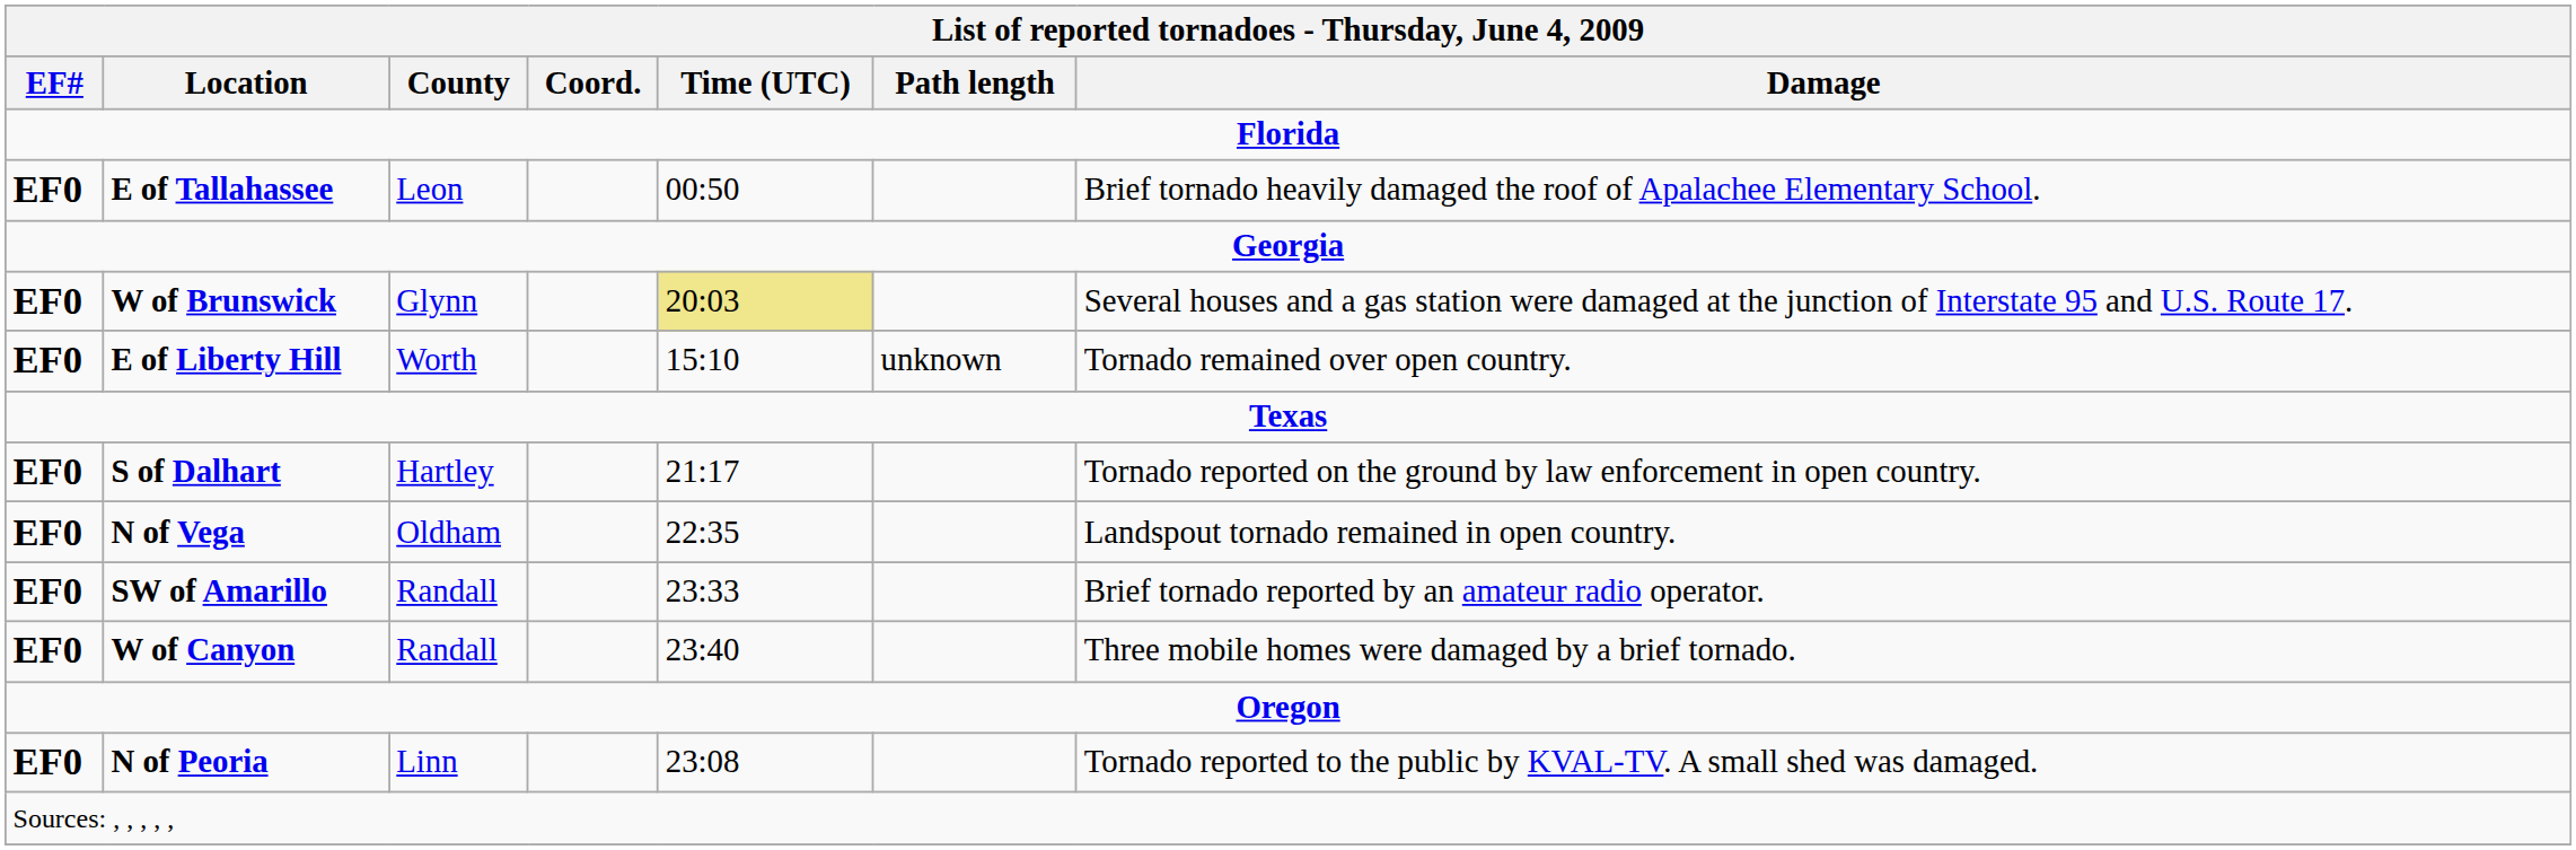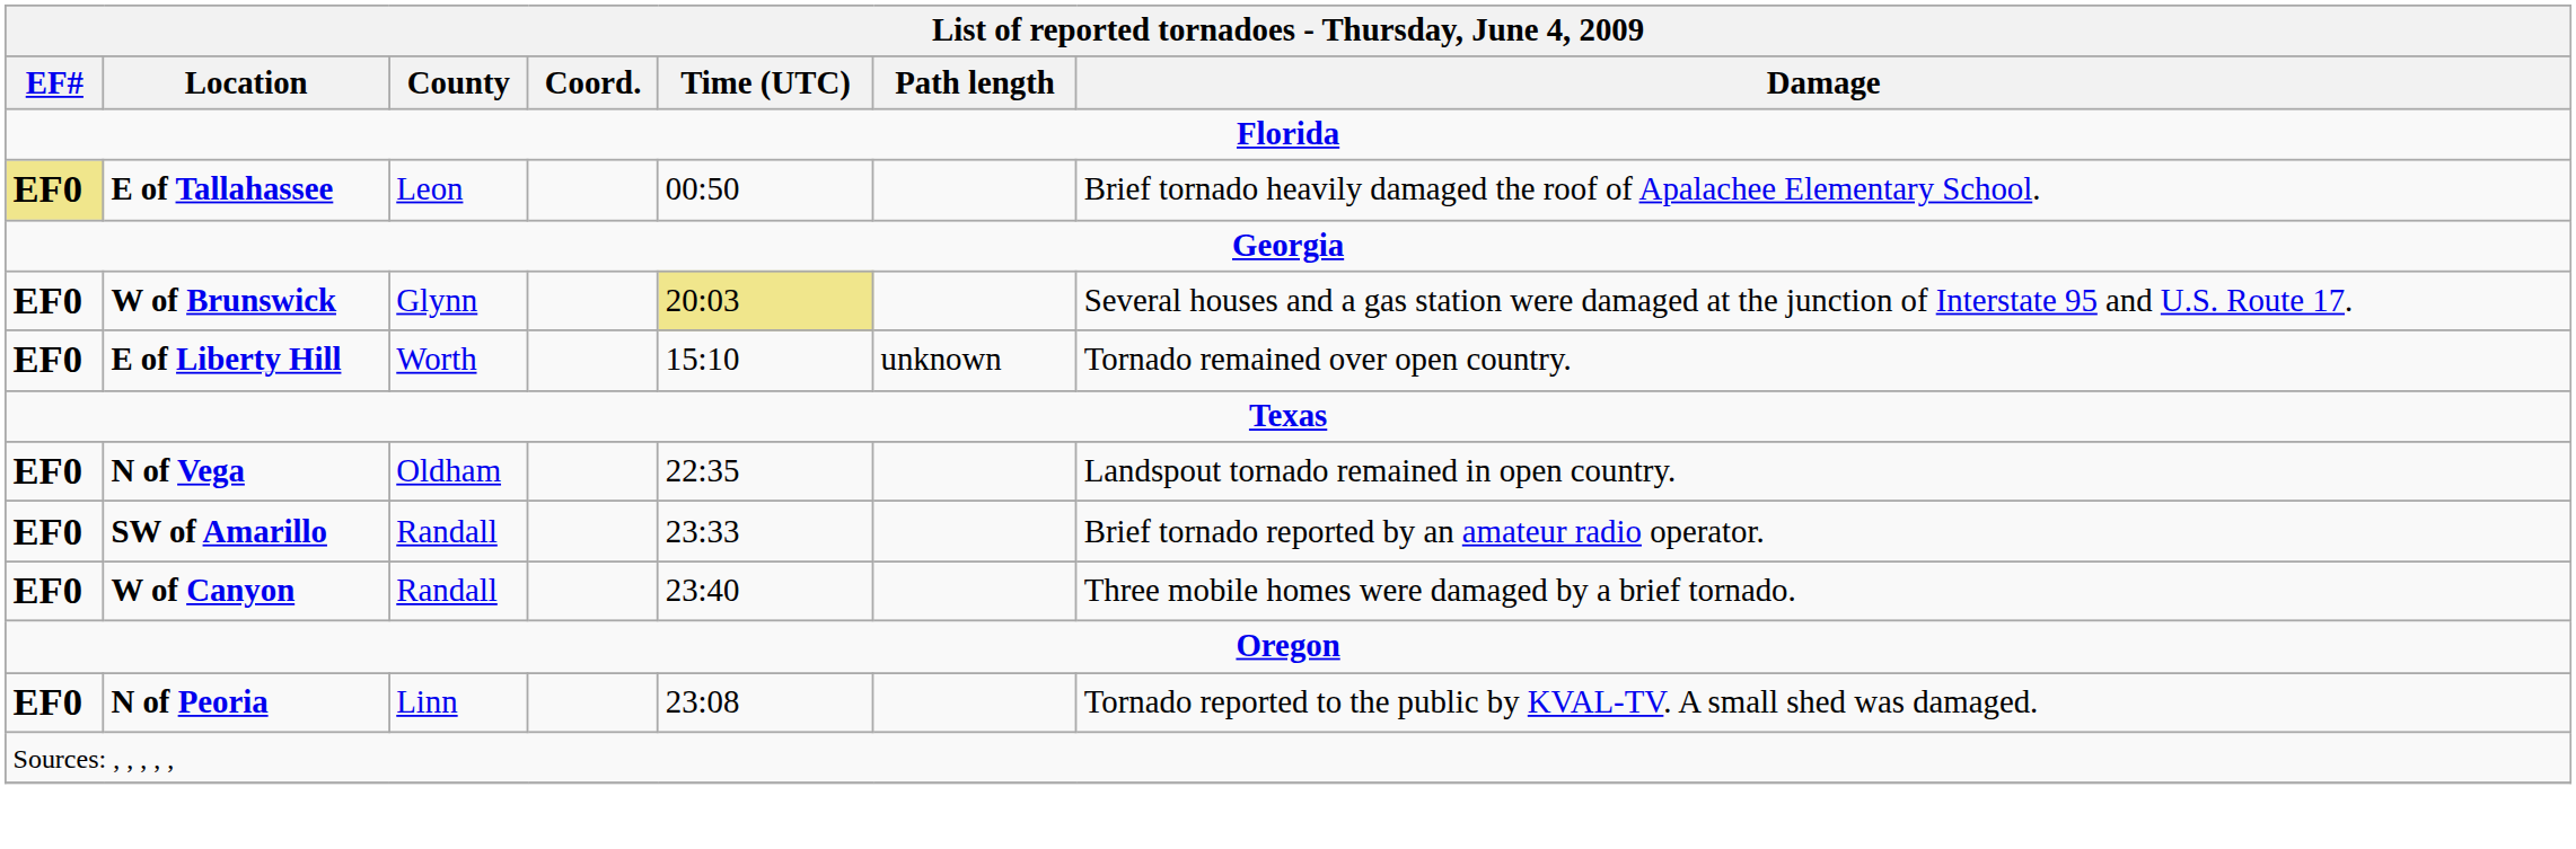 <table class="wikitable collapsible" width="100%">
 <tr>
 <th colspan="7">List of reported tornadoes - Thursday, June 4, 2009</th>
 </tr>
 <tr>
 <th><a href='#'>EF#</a></th>
 <th>Location</th>
 <th>County</th>
 <th>Coord.</th>
 <th>Time (UTC)</th>
 <th>Path length</th>
 <th>Damage</th>
 </tr>
 <tr>
 <td colspan="7" align=center><strong><a href='#'>Florida</a></strong></td>
 </tr>
 <tr>
-<td><big><strong>EF0</strong></big></td>
+<td style="background: khaki;"><big><strong>EF0</strong></big></td>
 <td><strong>E of <a href='#'>Tallahassee</a></strong></td>
 <td><a href='#'>Leon</a></td>
 <td></td>
 <td>00:50</td>
 <td></td>
 <td>Brief tornado heavily damaged the roof of <a href='#'>Apalachee Elementary School</a>.</td>
 </tr>
 <tr>
 <td colspan="7" align=center><strong><a href='#'>Georgia</a></strong></td>
 </tr>
 <tr>
 <td><big><strong>EF0</strong></big></td>
 <td><strong>W of <a href='#'>Brunswick</a></strong></td>
 <td><a href='#'>Glynn</a></td>
 <td></td>
 <td style="background: khaki;">20:03</td>
 <td></td>
 <td>Several houses and a gas station were damaged at the junction of <a href='#'>Interstate 95</a> and <a href='#'>U.S. Route 17</a>.</td>
 </tr>
 <tr>
 <td><big><strong>EF0</strong></big></td>
 <td><strong>E of <a href='#'>Liberty Hill</a></strong></td>
 <td><a href='#'>Worth</a></td>
 <td></td>
 <td>15:10</td>
 <td>unknown</td>
 <td>Tornado remained over open country.</td>
 </tr>
 <tr>
 <td colspan="7" align=center><strong><a href='#'>Texas</a></strong></td>
-</tr>
-<tr>
-<td><big><strong>EF0</strong></big></td>
-<td><strong>S of <a href='#'>Dalhart</a></strong></td>
-<td><a href='#'>Hartley</a></td>
-<td></td>
-<td>21:17</td>
-<td></td>
-<td>Tornado reported on the ground by law enforcement in open country.</td>
 </tr>
 <tr>
 <td><big><strong>EF0</strong></big></td>
 <td><strong>N of <a href='#'>Vega</a></strong></td>
 <td><a href='#'>Oldham</a></td>
 <td></td>
 <td>22:35</td>
 <td></td>
 <td>Landspout tornado remained in open country.</td>
 </tr>
 <tr>
 <td><big><strong>EF0</strong></big></td>
 <td><strong>SW of <a href='#'>Amarillo</a></strong></td>
 <td><a href='#'>Randall</a></td>
 <td></td>
 <td>23:33</td>
 <td></td>
 <td>Brief tornado reported by an <a href='#'>amateur radio</a> operator.</td>
 </tr>
 <tr>
 <td><big><strong>EF0</strong></big></td>
 <td><strong>W of <a href='#'>Canyon</a></strong></td>
 <td><a href='#'>Randall</a></td>
 <td></td>
 <td>23:40</td>
 <td></td>
 <td>Three mobile homes were damaged by a brief tornado.</td>
 </tr>
 <tr>
 <td colspan="7" align=center><strong><a href='#'>Oregon</a></strong></td>
 </tr>
 <tr>
 <td><big><strong>EF0</strong></big></td>
 <td><strong>N of <a href='#'>Peoria</a></strong></td>
 <td><a href='#'>Linn</a></td>
 <td></td>
 <td>23:08</td>
 <td></td>
 <td>Tornado reported to the public by <a href='#'>KVAL-TV</a>. A small shed was damaged.</td>
 </tr>
 <tr>
 <td colspan="7"><small>Sources: , , , , ,  </small></td>
 </tr>
 <tr>
 </tr>
 </table>
